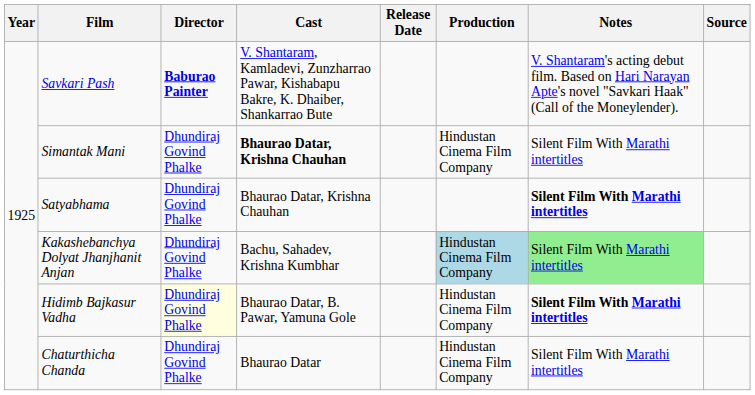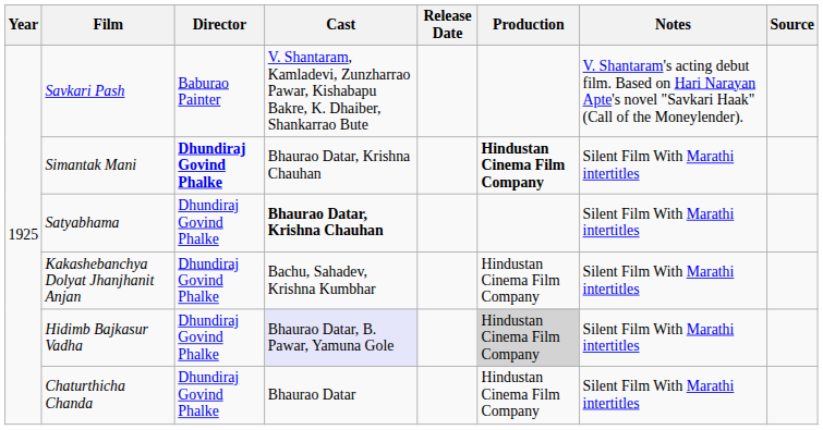 <table class ="wikitable sortable collapsible">
 <tr>
 <th>Year</th>
 <th>Film</th>
 <th>Director</th>
 <th class="unsortable">Cast</th>
 <th>Release Date</th>
 <th class="unsortable">Production</th>
 <th class="unsortable">Notes</th>
 <th class="unsortable">Source</th>
 </tr>
 <tr>
 <td rowspan=6 align="center">1925</td>
 <td><em><a href='#'>Savkari Pash</a></em></td>
-<td><strong><a href='#'>Baburao Painter</a></strong></td>
+<td><a href='#'>Baburao Painter</a></td>
 <td><a href='#'>V. Shantaram</a>, Kamladevi, Zunzharrao Pawar, Kishabapu Bakre, K. Dhaiber, Shankarrao Bute</td>
 <td></td>
 <td></td>
 <td><a href='#'>V. Shantaram</a>'s acting debut film. Based on <a href='#'>Hari Narayan Apte</a>'s novel "Savkari Haak" (Call of the Moneylender).</td>
 <td></td>
 </tr>
 <tr>
 <td><em>Simantak Mani </em></td>
-<td><a href='#'>Dhundiraj Govind Phalke</a></td>
-<td><strong>Bhaurao Datar, Krishna Chauhan</strong></td>
+<td><strong><a href='#'>Dhundiraj Govind Phalke</a></strong></td>
+<td>Bhaurao Datar, Krishna Chauhan</td>
 <td></td>
-<td>Hindustan Cinema Film Company</td>
+<td><strong>Hindustan Cinema Film Company</strong></td>
 <td>Silent Film With <a href='#'>Marathi</a> <a href='#'>intertitles</a></td>
 <td></td>
 </tr>
 <tr>
 <td><em>Satyabhama</em></td>
 <td><a href='#'>Dhundiraj Govind Phalke</a></td>
-<td>Bhaurao Datar, Krishna Chauhan</td>
+<td><strong>Bhaurao Datar, Krishna Chauhan</strong></td>
 <td></td>
 <td></td>
-<td><strong>Silent Film With <a href='#'>Marathi</a> <a href='#'>intertitles</a></strong></td>
+<td>Silent Film With <a href='#'>Marathi</a> <a href='#'>intertitles</a></td>
 <td></td>
 </tr>
 <tr>
 <td><em>Kakashebanchya Dolyat Jhanjhanit Anjan</em></td>
 <td><a href='#'>Dhundiraj Govind Phalke</a></td>
 <td>Bachu, Sahadev, Krishna Kumbhar</td>
 <td></td>
-<td style="background: lightblue;">Hindustan Cinema Film Company</td>
-<td style="background: lightgreen;">Silent Film With <a href='#'>Marathi</a> <a href='#'>intertitles</a></td>
+<td>Hindustan Cinema Film Company</td>
+<td>Silent Film With <a href='#'>Marathi</a> <a href='#'>intertitles</a></td>
 <td></td>
 </tr>
 <tr>
 <td><em>Hidimb Bajkasur Vadha</em></td>
-<td style="background: lightyellow;"><a href='#'>Dhundiraj Govind Phalke</a></td>
-<td>Bhaurao Datar, B. Pawar, Yamuna Gole</td>
+<td><a href='#'>Dhundiraj Govind Phalke</a></td>
+<td style="background: lavender;">Bhaurao Datar, B. Pawar, Yamuna Gole</td>
 <td></td>
-<td>Hindustan Cinema Film Company</td>
-<td><strong>Silent Film With <a href='#'>Marathi</a> <a href='#'>intertitles</a></strong></td>
+<td style="background: lightgrey;">Hindustan Cinema Film Company</td>
+<td>Silent Film With <a href='#'>Marathi</a> <a href='#'>intertitles</a></td>
 <td></td>
 </tr>
 <tr>
 <td><em>Chaturthicha Chanda</em></td>
 <td><a href='#'>Dhundiraj Govind Phalke</a></td>
 <td>Bhaurao Datar</td>
 <td></td>
 <td>Hindustan Cinema Film Company</td>
 <td>Silent Film With <a href='#'>Marathi</a> <a href='#'>intertitles</a></td>
 <td></td>
 </tr>
 </table>
